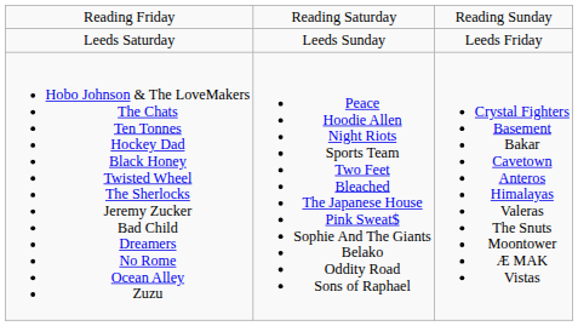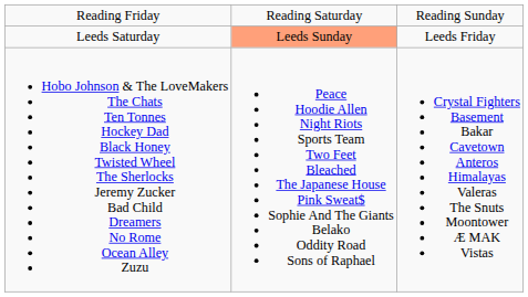 <table class="wikitable" style="text-align:center;">
 <tr>
 <td>Reading Friday</td>
 <td>Reading Saturday</td>
 <td>Reading Sunday</td>
 </tr>
 <tr>
 <td>Leeds Saturday</td>
-<td>Leeds Sunday</td>
+<td style="background: lightsalmon;">Leeds Sunday</td>
 <td>Leeds Friday</td>
 </tr>
 <tr>
 <td><br><ul><li><a href='#'>Hobo Johnson</a> & The LoveMakers</li><li><a href='#'>The Chats</a></li><li><a href='#'>Ten Tonnes</a></li><li><a href='#'>Hockey Dad</a></li><li><a href='#'>Black Honey</a></li><li><a href='#'>Twisted Wheel</a></li><li><a href='#'>The Sherlocks</a></li><li>Jeremy Zucker</li><li>Bad Child</li><li><a href='#'>Dreamers</a></li><li><a href='#'>No Rome</a></li><li><a href='#'>Ocean Alley</a></li><li>Zuzu</li></ul></td>
 <td><br><ul><li><a href='#'>Peace</a></li><li><a href='#'>Hoodie Allen</a></li><li><a href='#'>Night Riots</a></li><li>Sports Team</li><li><a href='#'>Two Feet</a></li><li><a href='#'>Bleached</a></li><li><a href='#'>The Japanese House</a></li><li><a href='#'>Pink Sweat$</a></li><li>Sophie And The Giants</li><li>Belako</li><li>Oddity Road</li><li>Sons of Raphael</li></ul></td>
 <td><br><ul><li><a href='#'>Crystal Fighters</a></li><li><a href='#'>Basement</a></li><li>Bakar</li><li><a href='#'>Cavetown</a></li><li><a href='#'>Anteros</a></li><li><a href='#'>Himalayas</a></li><li>Valeras</li><li>The Snuts</li><li>Moontower</li><li>Æ MAK</li><li>Vistas</li></ul></td>
 </tr>
 </table>
